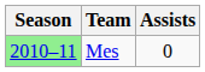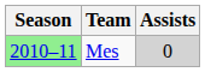 <table class="wikitable" style="text-align: center;">
 <tr>
 <th>Season</th>
 <th>Team</th>
 <th>Assists</th>
 </tr>
 <tr>
 <td style="background: lightgreen;"><a href='#'>2010–11</a></td>
 <td align="left"><a href='#'>Mes</a></td>
-<td>0</td>
+<td style="background: lightgrey;">0</td>
 </tr>
 <tr>
 </tr>
 </table>
